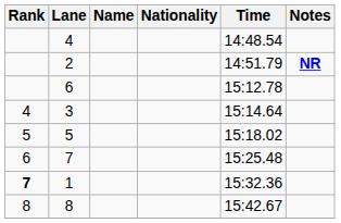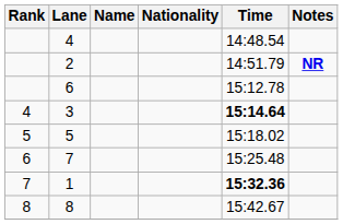 <table class="wikitable sortable" style="text-align:center">
 <tr>
 <th>Rank</th>
 <th>Lane</th>
 <th>Name</th>
 <th>Nationality</th>
 <th>Time</th>
 <th>Notes</th>
 </tr>
 <tr>
 <td></td>
 <td>4</td>
 <td align=left></td>
 <td align=left></td>
 <td>14:48.54</td>
 <td></td>
 </tr>
 <tr>
 <td></td>
 <td>2</td>
 <td align=left></td>
 <td align=left></td>
 <td>14:51.79</td>
 <td><strong><a href='#'>NR</a></strong></td>
 </tr>
 <tr>
 <td></td>
 <td>6</td>
 <td align=left></td>
 <td align=left></td>
 <td>15:12.78</td>
 <td></td>
 </tr>
 <tr>
 <td>4</td>
 <td>3</td>
 <td align=left></td>
 <td align=left></td>
-<td>15:14.64</td>
+<td><strong>15:14.64</strong></td>
 <td></td>
 </tr>
 <tr>
 <td>5</td>
 <td>5</td>
 <td align=left></td>
 <td align=left></td>
 <td>15:18.02</td>
 <td></td>
 </tr>
 <tr>
 <td>6</td>
 <td>7</td>
 <td align=left></td>
 <td align=left></td>
 <td>15:25.48</td>
 <td></td>
 </tr>
 <tr>
-<td><strong>7</strong></td>
+<td>7</td>
 <td>1</td>
 <td align=left></td>
 <td align=left></td>
-<td>15:32.36</td>
+<td><strong>15:32.36</strong></td>
 <td></td>
 </tr>
 <tr>
 <td>8</td>
 <td>8</td>
 <td align=left></td>
 <td align=left></td>
 <td>15:42.67</td>
 <td></td>
 </tr>
 <tr>
 </tr>
 </table>
